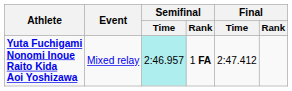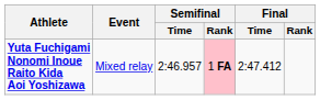 <table class="wikitable" style="font-size:90%">
 <tr>
 <th rowspan=2>Athlete</th>
 <th rowspan=2>Event</th>
 <th colspan=2>Semifinal</th>
 <th colspan=2>Final</th>
 </tr>
 <tr style="font-size:95%">
 <th>Time</th>
 <th>Rank</th>
 <th>Time</th>
 <th>Rank</th>
 </tr>
 <tr align=center>
 <td align=left><strong><a href='#'>Yuta Fuchigami</a><br><a href='#'>Nonomi Inoue</a><br><a href='#'>Raito Kida</a><br><a href='#'>Aoi Yoshizawa</a></strong></td>
 <td align=left><a href='#'>Mixed relay</a></td>
-<td style="background: paleturquoise;">2:46.957</td>
-<td>1 <strong>FA</strong></td>
+<td>2:46.957</td>
+<td style="background: pink;">1 <strong>FA</strong></td>
 <td>2:47.412</td>
 <td></td>
 </tr>
 </table>
